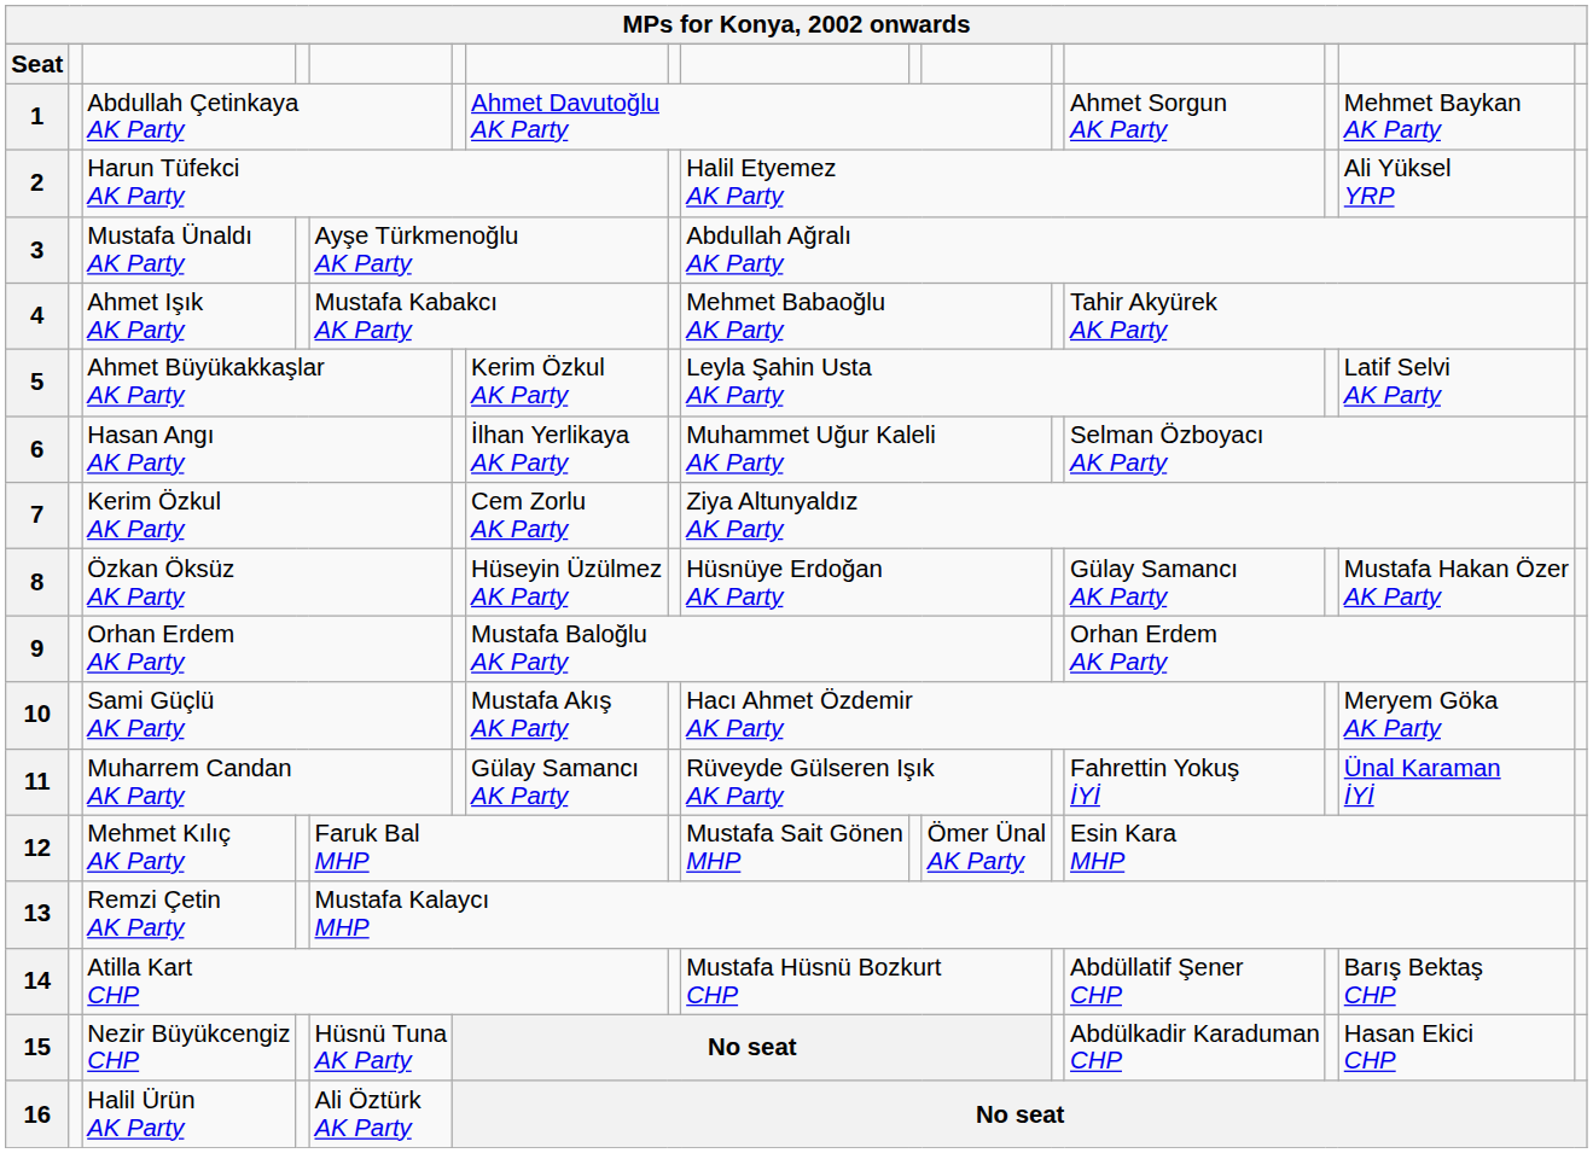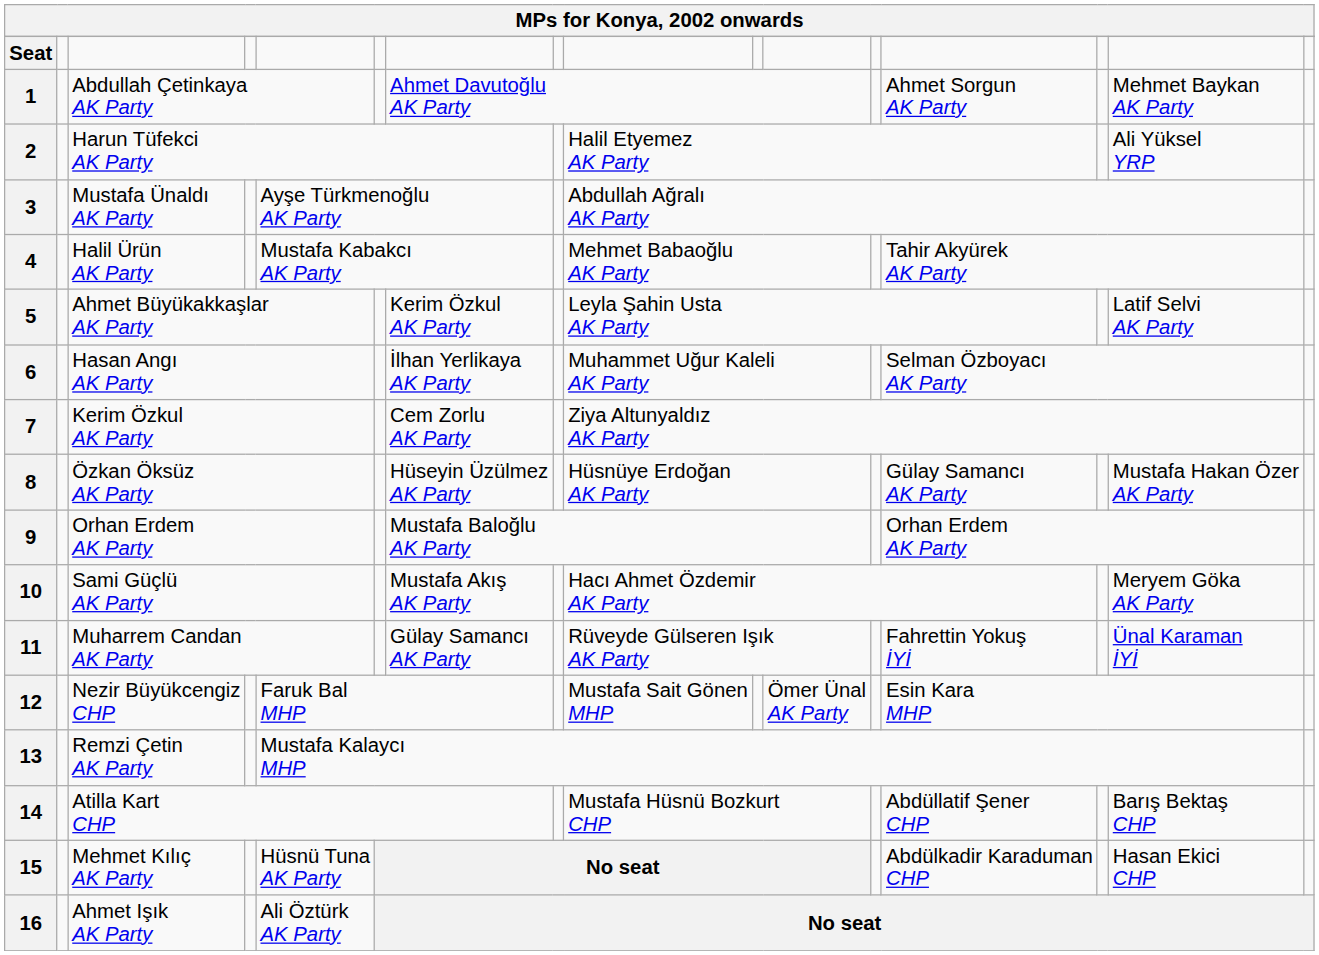 <table class="wikitable">
 <tr>
 <th colspan = 16>MPs for Konya, 2002 onwards</th>
 </tr>
 <tr>
 </tr>
 <tr>
 <th rowspan = 2>Seat</th>
 <td rowspan="2" style="width:1px;"></td>
 <td rowspan = 2></td>
 <td rowspan="2" style="width:1px;"></td>
 <td rowspan = 2></td>
 <td rowspan="2" style="width:1px;"></td>
 <td rowspan = 2></td>
 <td rowspan="2" style="width:1px;"></td>
 <td rowspan = 2></td>
 <td rowspan="2" style="width:1px;"></td>
 <td rowspan = 2></td>
 <td rowspan="2" style="width:1px;"></td>
 <td rowspan = 2></td>
 <td rowspan="2" style="width:1px;"></td>
 <td rowspan = 2></td>
 </tr>
 <tr>
 <td></td>
 </tr>
 <tr>
 <th>1</th>
 <td width=1px style="background-color: "></td>
 <td colspan = 3>Abdullah Çetinkaya<br><em><a href='#'>AK Party</a></em></td>
 <td width=1px style="background-color: "></td>
 <td colspan = 5><a href='#'>Ahmet Davutoğlu</a><br><em><a href='#'>AK Party</a></em></td>
 <td width=1px style="background-color: "></td>
 <td colspan = 1>Ahmet Sorgun<br><em><a href='#'>AK Party</a></em></td>
 <td width=1px style="background-color: "></td>
 <td colspan = 1>Mehmet Baykan<br><em><a href='#'>AK Party</a></em></td>
 <td width=1px style="background-color: "></td>
 </tr>
 <tr>
 <th>2</th>
 <td width=1px style="background-color: "></td>
 <td colspan = 5>Harun Tüfekci<br><em><a href='#'>AK Party</a></em></td>
 <td width=1px style="background-color: "></td>
 <td colspan = 5>Halil Etyemez<br><em><a href='#'>AK Party</a></em></td>
 <td width=1px style="background-color: "></td>
 <td colspan = 1>Ali Yüksel<br><em><a href='#'>YRP</a></em></td>
 <td width=1px style="background-color: "></td>
 </tr>
 <tr>
 <th>3</th>
 <td width=1px style="background-color: "></td>
 <td colspan = 1>Mustafa Ünaldı<br><em><a href='#'>AK Party</a></em></td>
 <td width=1px style="background-color: "></td>
 <td colspan = 3>Ayşe Türkmenoğlu<br><em><a href='#'>AK Party</a></em></td>
 <td width=1px style="background-color: "></td>
 <td colspan = 7>Abdullah Ağralı<br><em><a href='#'>AK Party</a></em></td>
 <td width=1px style="background-color: "></td>
 </tr>
 <tr>
 <th>4</th>
 <td width=1px style="background-color: "></td>
-<td colspan = 1>Ahmet Işık<br><em><a href='#'>AK Party</a></em></td>
+<td colspan = 1>Halil Ürün<br><em><a href='#'>AK Party</a></em></td>
 <td width=1px style="background-color: "></td>
 <td colspan = 3>Mustafa Kabakcı<br><em><a href='#'>AK Party</a></em></td>
 <td width=1px style="background-color: "></td>
 <td colspan = 3>Mehmet Babaoğlu<br><em><a href='#'>AK Party</a></em></td>
 <td width=1px style="background-color: "></td>
 <td colspan = 3>Tahir Akyürek<br><em><a href='#'>AK Party</a></em></td>
 <td width=1px style="background-color: "></td>
 </tr>
 <tr>
 <th>5</th>
 <td width=1px style="background-color: "></td>
 <td colspan = 3>Ahmet Büyükakkaşlar<br><em><a href='#'>AK Party</a></em></td>
 <td width=1px style="background-color: "></td>
 <td colspan = 1>Kerim Özkul<br><em><a href='#'>AK Party</a></em></td>
 <td width=1px style="background-color: "></td>
 <td colspan = 5>Leyla Şahin Usta<br><em><a href='#'>AK Party</a></em></td>
 <td width=1px style="background-color: "></td>
 <td colspan = 1>Latif Selvi<br><em><a href='#'>AK Party</a></em></td>
 <td width=1px style="background-color: "></td>
 </tr>
 <tr>
 <th>6</th>
 <td width=1px style="background-color: "></td>
 <td colspan = 3>Hasan Angı<br><em><a href='#'>AK Party</a></em></td>
 <td width=1px style="background-color: "></td>
 <td colspan = 1>İlhan Yerlikaya<br><em><a href='#'>AK Party</a></em></td>
 <td width=1px style="background-color: "></td>
 <td colspan = 3>Muhammet Uğur Kaleli<br><em><a href='#'>AK Party</a></em></td>
 <td width=1px style="background-color: "></td>
 <td colspan = 3>Selman Özboyacı<br><em><a href='#'>AK Party</a></em></td>
 <td width=1px style="background-color: "></td>
 </tr>
 <tr>
 <th>7</th>
 <td width=1px style="background-color: "></td>
 <td colspan = 3>Kerim Özkul<br><em><a href='#'>AK Party</a></em></td>
 <td width=1px style="background-color: "></td>
 <td colspan = 1>Cem Zorlu<br><em><a href='#'>AK Party</a></em></td>
 <td width=1px style="background-color: "></td>
 <td colspan = 7>Ziya Altunyaldız<br><em><a href='#'>AK Party</a></em></td>
 <td width=1px style="background-color: "></td>
 </tr>
 <tr>
 <th>8</th>
 <td width=1px style="background-color: "></td>
 <td colspan = 3>Özkan Öksüz<br><em><a href='#'>AK Party</a></em></td>
 <td width=1px style="background-color: "></td>
 <td colspan = 1>Hüseyin Üzülmez<br><em><a href='#'>AK Party</a></em></td>
 <td width=1px style="background-color: "></td>
 <td colspan = 3>Hüsnüye Erdoğan<br><em><a href='#'>AK Party</a></em></td>
 <td width=1px style="background-color: "></td>
 <td colspan = 1>Gülay Samancı<br><em><a href='#'>AK Party</a></em></td>
 <td width=1px style="background-color: "></td>
 <td colspan = 1>Mustafa Hakan Özer<br><em><a href='#'>AK Party</a></em></td>
 <td width=1px style="background-color: "></td>
 </tr>
 <tr>
 <th>9</th>
 <td width=1px style="background-color: "></td>
 <td colspan = 3>Orhan Erdem<br><em><a href='#'>AK Party</a></em></td>
 <td width=1px style="background-color: "></td>
 <td colspan = 5>Mustafa Baloğlu<br><em><a href='#'>AK Party</a></em></td>
 <td width=1px style="background-color: "></td>
 <td colspan = 3>Orhan Erdem<br><em><a href='#'>AK Party</a></em></td>
 <td width=1px style="background-color: "></td>
 </tr>
 <tr>
 <th>10</th>
 <td width=1px style="background-color: "></td>
 <td colspan = 3>Sami Güçlü<br><em><a href='#'>AK Party</a></em></td>
 <td width=1px style="background-color: "></td>
 <td colspan = 1>Mustafa Akış<br><em><a href='#'>AK Party</a></em></td>
 <td width=1px style="background-color: "></td>
 <td colspan = 5>Hacı Ahmet Özdemir<br><em><a href='#'>AK Party</a></em></td>
 <td width=1px style="background-color: "></td>
 <td colspan = 1>Meryem Göka<br><em><a href='#'>AK Party</a></em></td>
 <td width=1px style="background-color: "></td>
 </tr>
 <tr>
 <th>11</th>
 <td width=1px style="background-color: "></td>
 <td colspan = 3>Muharrem Candan<br><em><a href='#'>AK Party</a></em></td>
 <td width=1px style="background-color: "></td>
 <td colspan = 1>Gülay Samancı<br><em><a href='#'>AK Party</a></em></td>
 <td width=1px style="background-color: "></td>
 <td colspan = 3>Rüveyde Gülseren Işık<br><em><a href='#'>AK Party</a></em></td>
 <td width=1px style="background-color: "></td>
 <td colspan = 1>Fahrettin Yokuş<br><em><a href='#'>İYİ</a></em></td>
 <td width=1px style="background-color: "></td>
 <td colspan = 1><a href='#'>Ünal Karaman</a><br><em><a href='#'>İYİ</a></em></td>
 <td width=1px style="background-color: "></td>
 </tr>
 <tr>
 <th>12</th>
 <td width=1px style="background-color: "></td>
-<td colspan = 1>Mehmet Kılıç<br><em><a href='#'>AK Party</a></em></td>
+<td colspan = 1>Nezir Büyükcengiz<br><em><a href='#'>CHP</a></em></td>
 <td width=1px style="background-color: "></td>
 <td colspan = 3>Faruk Bal<br><em><a href='#'>MHP</a></em></td>
 <td width=1px style="background-color: "></td>
 <td colspan = 1>Mustafa Sait Gönen<br><em><a href='#'>MHP</a></em></td>
 <td width=1px style="background-color: "></td>
 <td colspan = 1>Ömer Ünal<br><em><a href='#'>AK Party</a></em></td>
 <td width=1px style="background-color: "></td>
 <td colspan = 3>Esin Kara<br><em><a href='#'>MHP</a></em></td>
 <td width=1px style="background-color: "></td>
 </tr>
 <tr>
 <th>13</th>
 <td width=1px style="background-color: "></td>
 <td colspan = 1>Remzi Çetin<br><em><a href='#'>AK Party</a></em></td>
 <td width=1px style="background-color: "></td>
 <td colspan = 11>Mustafa Kalaycı<br><em><a href='#'>MHP</a></em></td>
 <td width=1px style="background-color: "></td>
 </tr>
 <tr>
 <th>14</th>
 <td width=1px style="background-color: "></td>
 <td colspan = 5>Atilla Kart<br><em><a href='#'>CHP</a></em></td>
 <td width=1px style="background-color: "></td>
 <td colspan = 3>Mustafa Hüsnü Bozkurt<br><em><a href='#'>CHP</a></em></td>
 <td width=1px style="background-color: "></td>
 <td colspan = 1>Abdüllatif Şener<br><em><a href='#'>CHP</a></em></td>
 <td width=1px style="background-color: "></td>
 <td colspan = 1>Barış Bektaş<br><em><a href='#'>CHP</a></em></td>
 <td width=1px style="background-color: "></td>
 </tr>
 <tr>
 <th>15</th>
 <td width=1px style="background-color: "></td>
-<td colspan = 1>Nezir Büyükcengiz<br><em><a href='#'>CHP</a></em></td>
+<td colspan = 1>Mehmet Kılıç<br><em><a href='#'>AK Party</a></em></td>
 <td width=1px style="background-color: "></td>
 <td colspan = 1>Hüsnü Tuna<br><em><a href='#'>AK Party</a></em></td>
 <th colspan = 6>No seat</th>
 <td width=1px style="background-color: "></td>
 <td colspan = 1>Abdülkadir Karaduman<br><em><a href='#'>CHP</a></em></td>
 <td width=1px style="background-color: "></td>
 <td colspan = 1>Hasan Ekici<br><em><a href='#'>CHP</a></em></td>
 <td width=1px style="background-color: "></td>
 </tr>
 <tr>
 <th>16</th>
 <td width=1px style="background-color: "></td>
-<td colspan = 1>Halil Ürün<br><em><a href='#'>AK Party</a></em></td>
+<td colspan = 1>Ahmet Işık<br><em><a href='#'>AK Party</a></em></td>
 <td width=1px style="background-color: "></td>
 <td colspan = 1>Ali Öztürk<br><em><a href='#'>AK Party</a></em></td>
 <th colspan = 11>No seat</th>
 </tr>
 </table>
